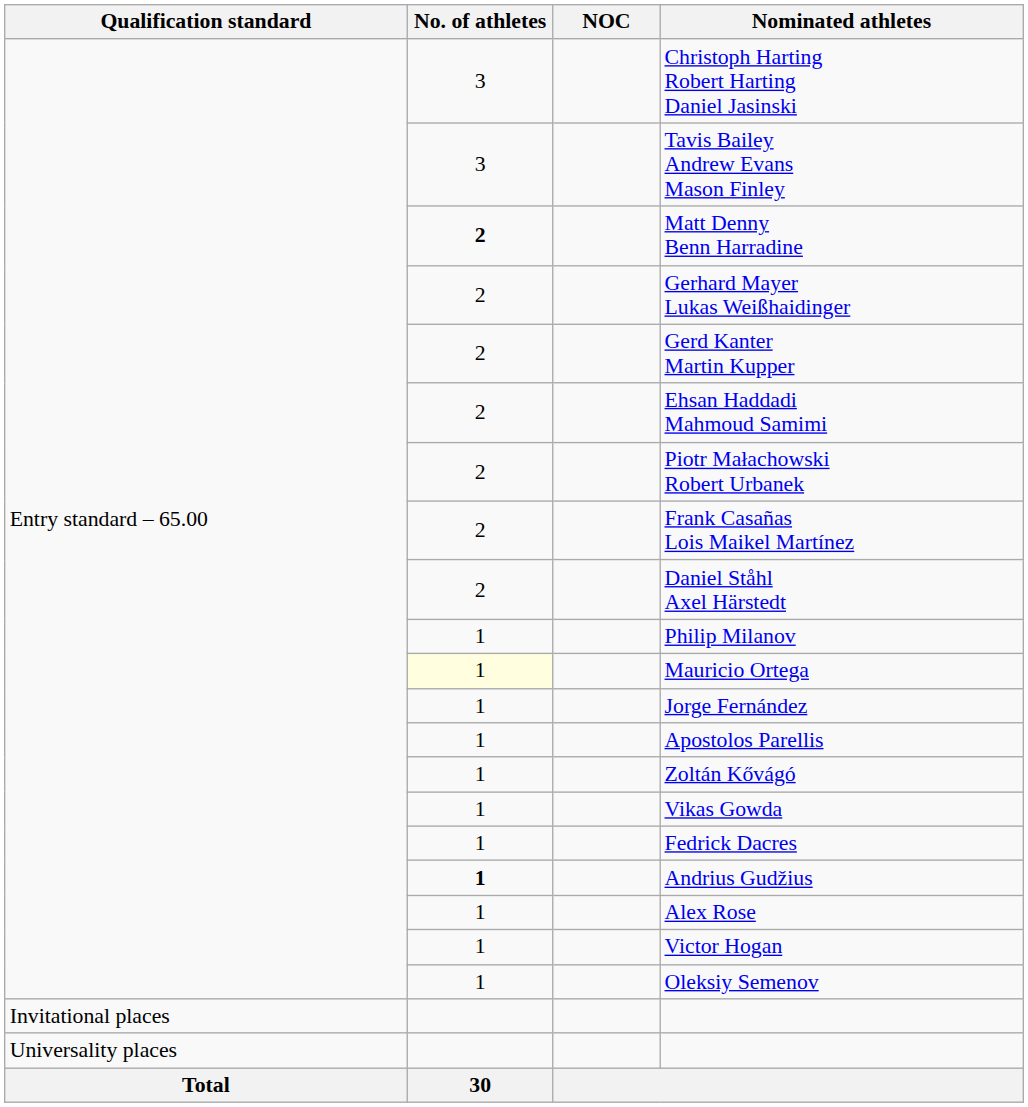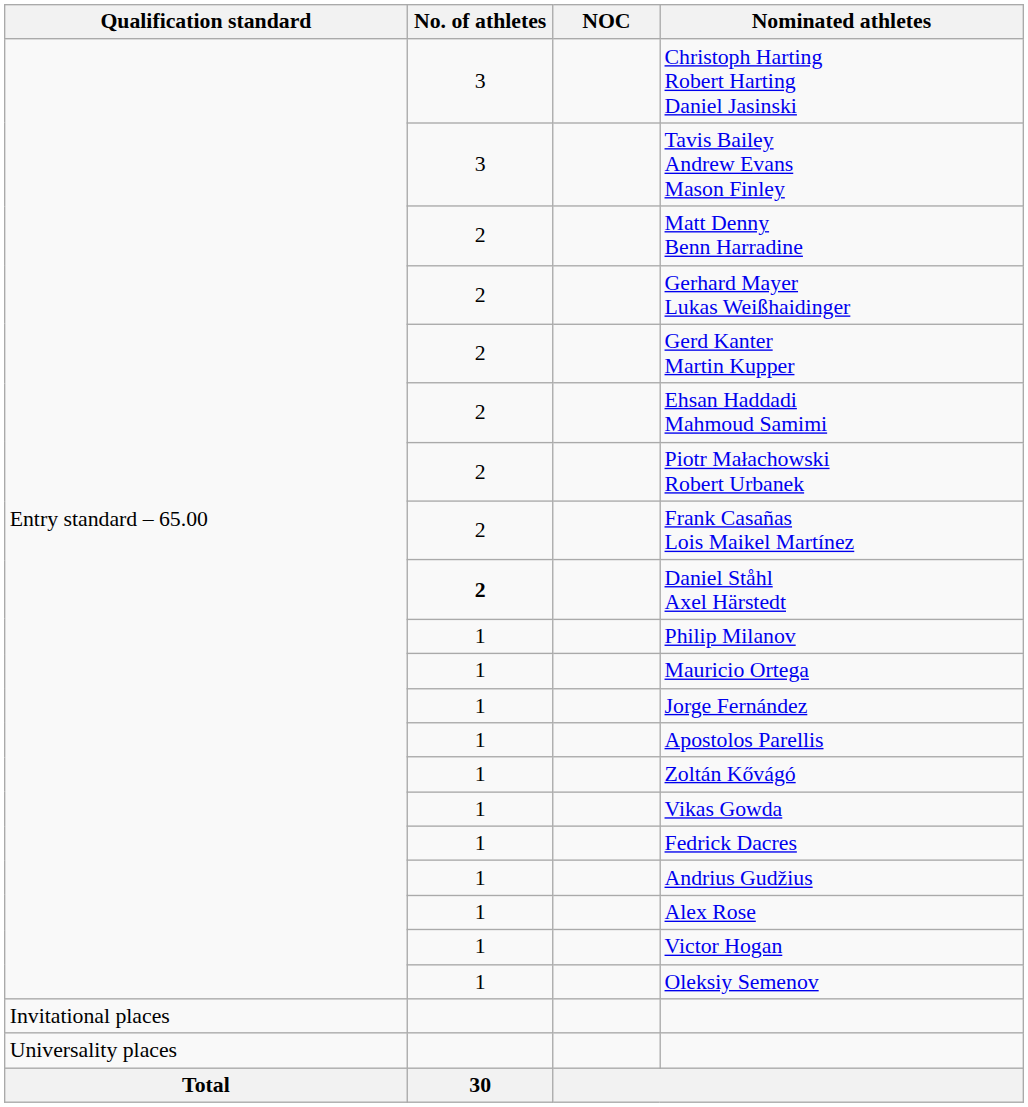 <table class="wikitable"  style="text-align:left; width:750px;">
 <tr>
 <th>Qualification standard</th>
 <th width=100>No. of athletes</th>
 <th>NOC</th>
 <th>Nominated athletes</th>
 </tr>
 <tr>
 <td rowspan=20>Entry standard – 65.00</td>
 <td style="text-align:center;">3</td>
 <td></td>
 <td><a href='#'>Christoph Harting</a><br><a href='#'>Robert Harting</a><br><a href='#'>Daniel Jasinski</a></td>
 </tr>
 <tr>
 <td style="text-align:center;">3</td>
 <td></td>
 <td><a href='#'>Tavis Bailey</a><br><a href='#'>Andrew Evans</a><br><a href='#'>Mason Finley</a></td>
 </tr>
 <tr>
-<td style="text-align:center;"><strong>2</strong></td>
+<td style="text-align:center;">2</td>
 <td></td>
 <td><a href='#'>Matt Denny</a><br><a href='#'>Benn Harradine</a></td>
 </tr>
 <tr>
 <td style="text-align:center;">2</td>
 <td></td>
 <td><a href='#'>Gerhard Mayer</a><br><a href='#'>Lukas Weißhaidinger</a></td>
 </tr>
 <tr>
 <td style="text-align:center;">2</td>
 <td></td>
 <td><a href='#'>Gerd Kanter</a><br><a href='#'>Martin Kupper</a></td>
 </tr>
 <tr>
 <td style="text-align:center;">2</td>
 <td></td>
 <td><a href='#'>Ehsan Haddadi</a><br><a href='#'>Mahmoud Samimi</a></td>
 </tr>
 <tr>
 <td style="text-align:center;">2</td>
 <td></td>
 <td><a href='#'>Piotr Małachowski</a><br><a href='#'>Robert Urbanek</a></td>
 </tr>
 <tr>
 <td style="text-align:center;">2</td>
 <td></td>
 <td><a href='#'>Frank Casañas</a><br><a href='#'>Lois Maikel Martínez</a></td>
 </tr>
 <tr>
-<td style="text-align:center;">2</td>
+<td style="text-align:center;"><strong>2</strong></td>
 <td></td>
 <td><a href='#'>Daniel Ståhl</a><br><a href='#'>Axel Härstedt</a></td>
 </tr>
 <tr>
 <td style="text-align:center;">1</td>
 <td></td>
 <td><a href='#'>Philip Milanov</a></td>
 </tr>
 <tr>
-<td style="background: lightyellow; text-align:center;">1</td>
+<td style="text-align:center;">1</td>
 <td></td>
 <td><a href='#'>Mauricio Ortega</a></td>
 </tr>
 <tr>
 <td style="text-align:center;">1</td>
 <td></td>
 <td><a href='#'>Jorge Fernández</a></td>
 </tr>
 <tr>
 <td style="text-align:center;">1</td>
 <td></td>
 <td><a href='#'>Apostolos Parellis</a></td>
 </tr>
 <tr>
 <td style="text-align:center;">1</td>
 <td></td>
 <td><a href='#'>Zoltán Kővágó</a></td>
 </tr>
 <tr>
 <td style="text-align:center;">1</td>
 <td></td>
 <td><a href='#'>Vikas Gowda</a></td>
 </tr>
 <tr>
 <td style="text-align:center;">1</td>
 <td></td>
 <td><a href='#'>Fedrick Dacres</a></td>
 </tr>
 <tr>
-<td style="text-align:center;"><strong>1</strong></td>
+<td style="text-align:center;">1</td>
 <td></td>
 <td><a href='#'>Andrius Gudžius</a></td>
 </tr>
 <tr>
 <td style="text-align:center;">1</td>
 <td></td>
 <td><a href='#'>Alex Rose</a></td>
 </tr>
 <tr>
 <td style="text-align:center;">1</td>
 <td></td>
 <td><a href='#'>Victor Hogan</a></td>
 </tr>
 <tr>
 <td style="text-align:center;">1</td>
 <td></td>
 <td><a href='#'>Oleksiy Semenov</a></td>
 </tr>
 <tr>
 <td>Invitational places</td>
 <td></td>
 <td></td>
 <td></td>
 </tr>
 <tr>
 <td>Universality places</td>
 <td></td>
 <td></td>
 <td></td>
 </tr>
 <tr>
 <th>Total</th>
 <th>30</th>
 <th colspan=2></th>
 </tr>
 </table>
